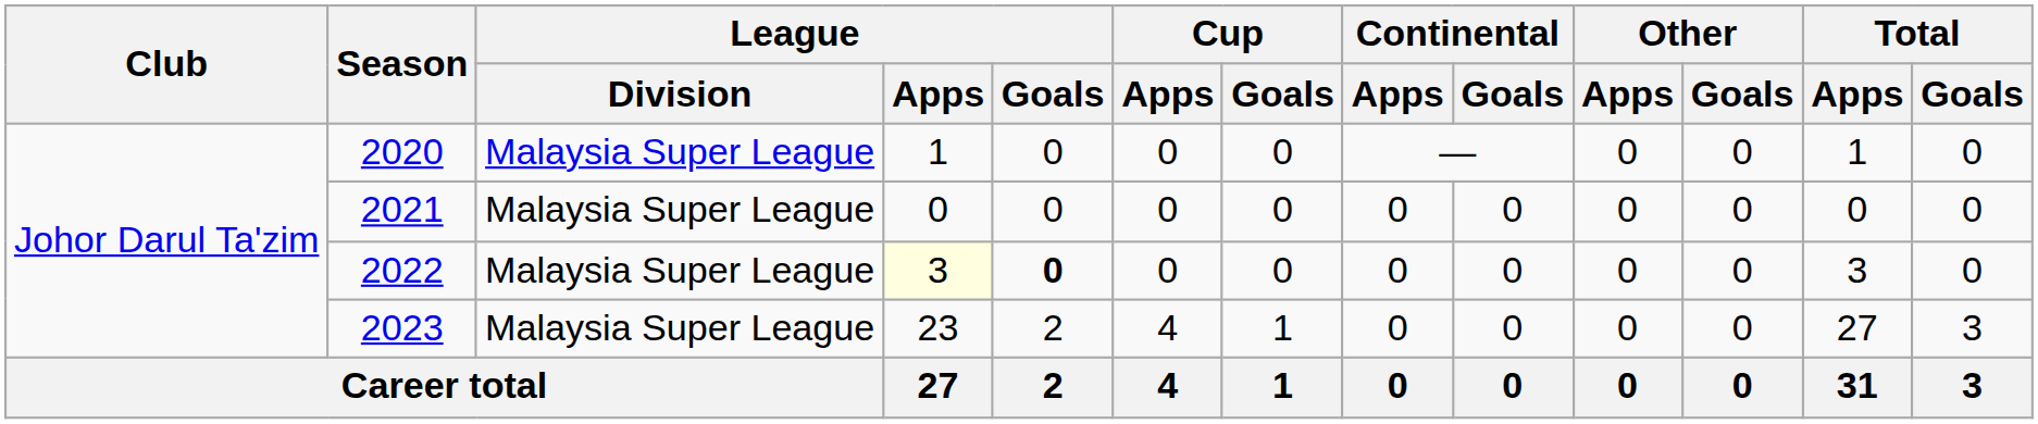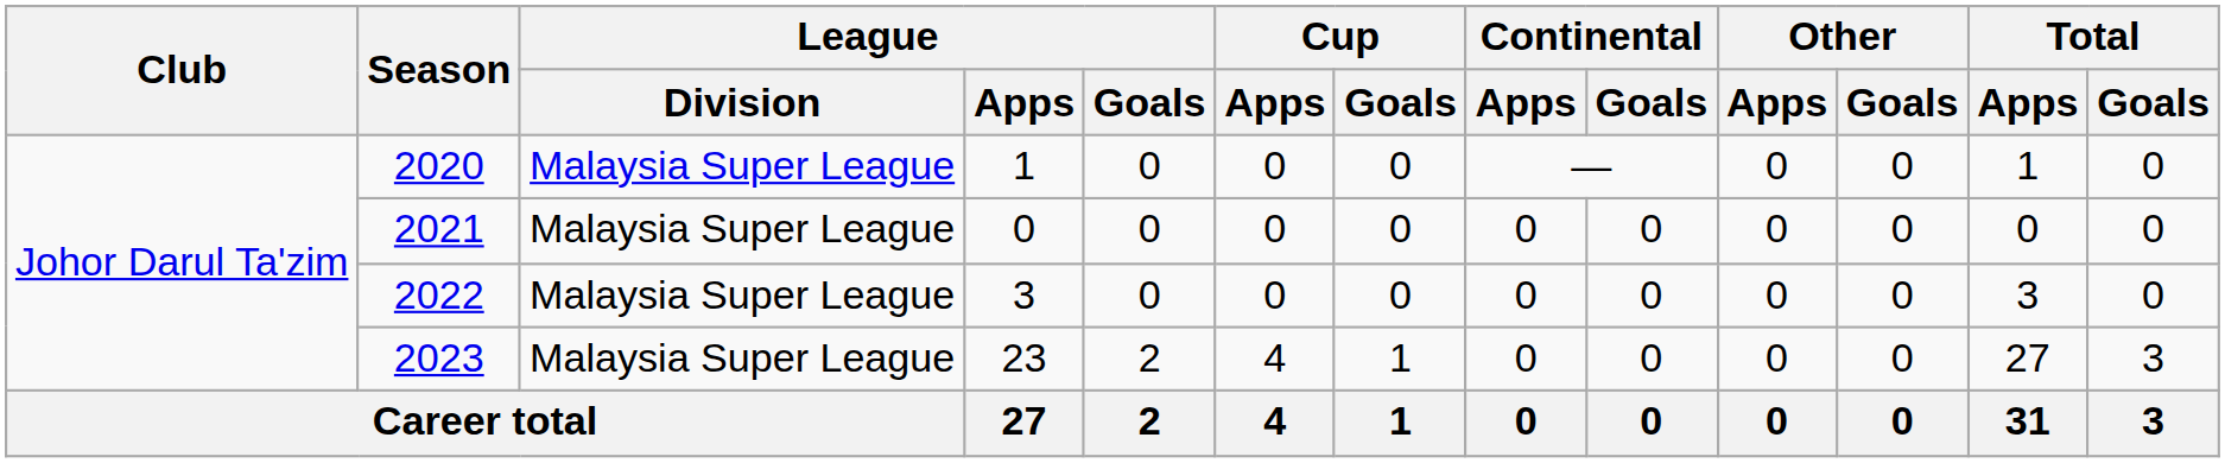 <table class="wikitable" style="text-align: center">
 <tr>
 <th rowspan="2">Club</th>
 <th rowspan="2">Season</th>
 <th colspan="3">League</th>
 <th colspan="2">Cup</th>
 <th colspan="2">Continental</th>
 <th colspan="2">Other</th>
 <th colspan="2">Total</th>
 </tr>
 <tr>
 <th>Division</th>
 <th>Apps</th>
 <th>Goals</th>
 <th>Apps</th>
 <th>Goals</th>
 <th>Apps</th>
 <th>Goals</th>
 <th>Apps</th>
 <th>Goals</th>
 <th>Apps</th>
 <th>Goals</th>
 </tr>
 <tr>
 <td rowspan="4"><a href='#'>Johor Darul Ta'zim</a></td>
 <td><a href='#'>2020</a></td>
 <td rowspan="1"><a href='#'>Malaysia Super League</a></td>
 <td>1</td>
 <td>0</td>
 <td>0</td>
 <td>0</td>
 <td colspan="2">—</td>
 <td>0</td>
 <td>0</td>
 <td>1</td>
 <td>0</td>
 </tr>
 <tr>
 <td><a href='#'>2021</a></td>
 <td valign="center">Malaysia Super League</td>
 <td>0</td>
 <td>0</td>
 <td>0</td>
 <td>0</td>
 <td>0</td>
 <td>0</td>
 <td>0</td>
 <td>0</td>
 <td>0</td>
 <td>0</td>
 </tr>
 <tr>
 <td><a href='#'>2022</a></td>
 <td valign="center">Malaysia Super League</td>
-<td style="background: lightyellow;">3</td>
-<td><strong>0</strong></td>
+<td>3</td>
+<td>0</td>
 <td>0</td>
 <td>0</td>
 <td>0</td>
 <td>0</td>
 <td>0</td>
 <td>0</td>
 <td>3</td>
 <td>0</td>
 </tr>
 <tr>
 <td><a href='#'>2023</a></td>
 <td valign="center">Malaysia Super League</td>
 <td>23</td>
 <td>2</td>
 <td>4</td>
 <td>1</td>
 <td>0</td>
 <td>0</td>
 <td>0</td>
 <td>0</td>
 <td>27</td>
 <td>3</td>
 </tr>
 <tr>
 <th colspan=3>Career total</th>
 <th>27</th>
 <th>2</th>
 <th>4</th>
 <th>1</th>
 <th>0</th>
 <th>0</th>
 <th>0</th>
 <th>0</th>
 <th>31</th>
 <th>3</th>
 </tr>
 </table>
